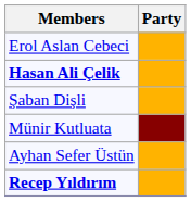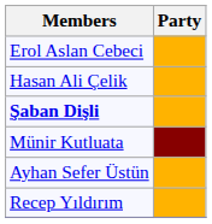 <table class=wikitable style="border:1px solid #8888aa; background-color:#f7f8ff; padding:0px; font-size:90%;">
 <tr>
 <th>Members</th>
 <th colspan="2">Party</th>
 </tr>
 <tr>
 <td><a href='#'>Erol Aslan Cebeci</a></td>
 <td style="background: #ffb300"></td>
 </tr>
 <tr>
-<td><strong><a href='#'>Hasan Ali Çelik</a></strong></td>
+<td><a href='#'>Hasan Ali Çelik</a></td>
 <td style="background: #ffb300"></td>
 </tr>
 <tr>
-<td><a href='#'>Şaban Dişli</a></td>
+<td><strong><a href='#'>Şaban Dişli</a></strong></td>
 <td style="background: #ffb300"></td>
 </tr>
 <tr>
 <td><a href='#'>Münir Kutluata</a></td>
 <td style="background: #870000"></td>
 </tr>
 <tr>
 <td><a href='#'>Ayhan Sefer Üstün</a></td>
 <td style="background: #ffb300"></td>
 </tr>
 <tr>
-<td><strong><a href='#'>Recep Yıldırım</a></strong></td>
+<td><a href='#'>Recep Yıldırım</a></td>
 <td style="background: #ffb300"></td>
 </tr>
 <tr>
 </tr>
 </table>
